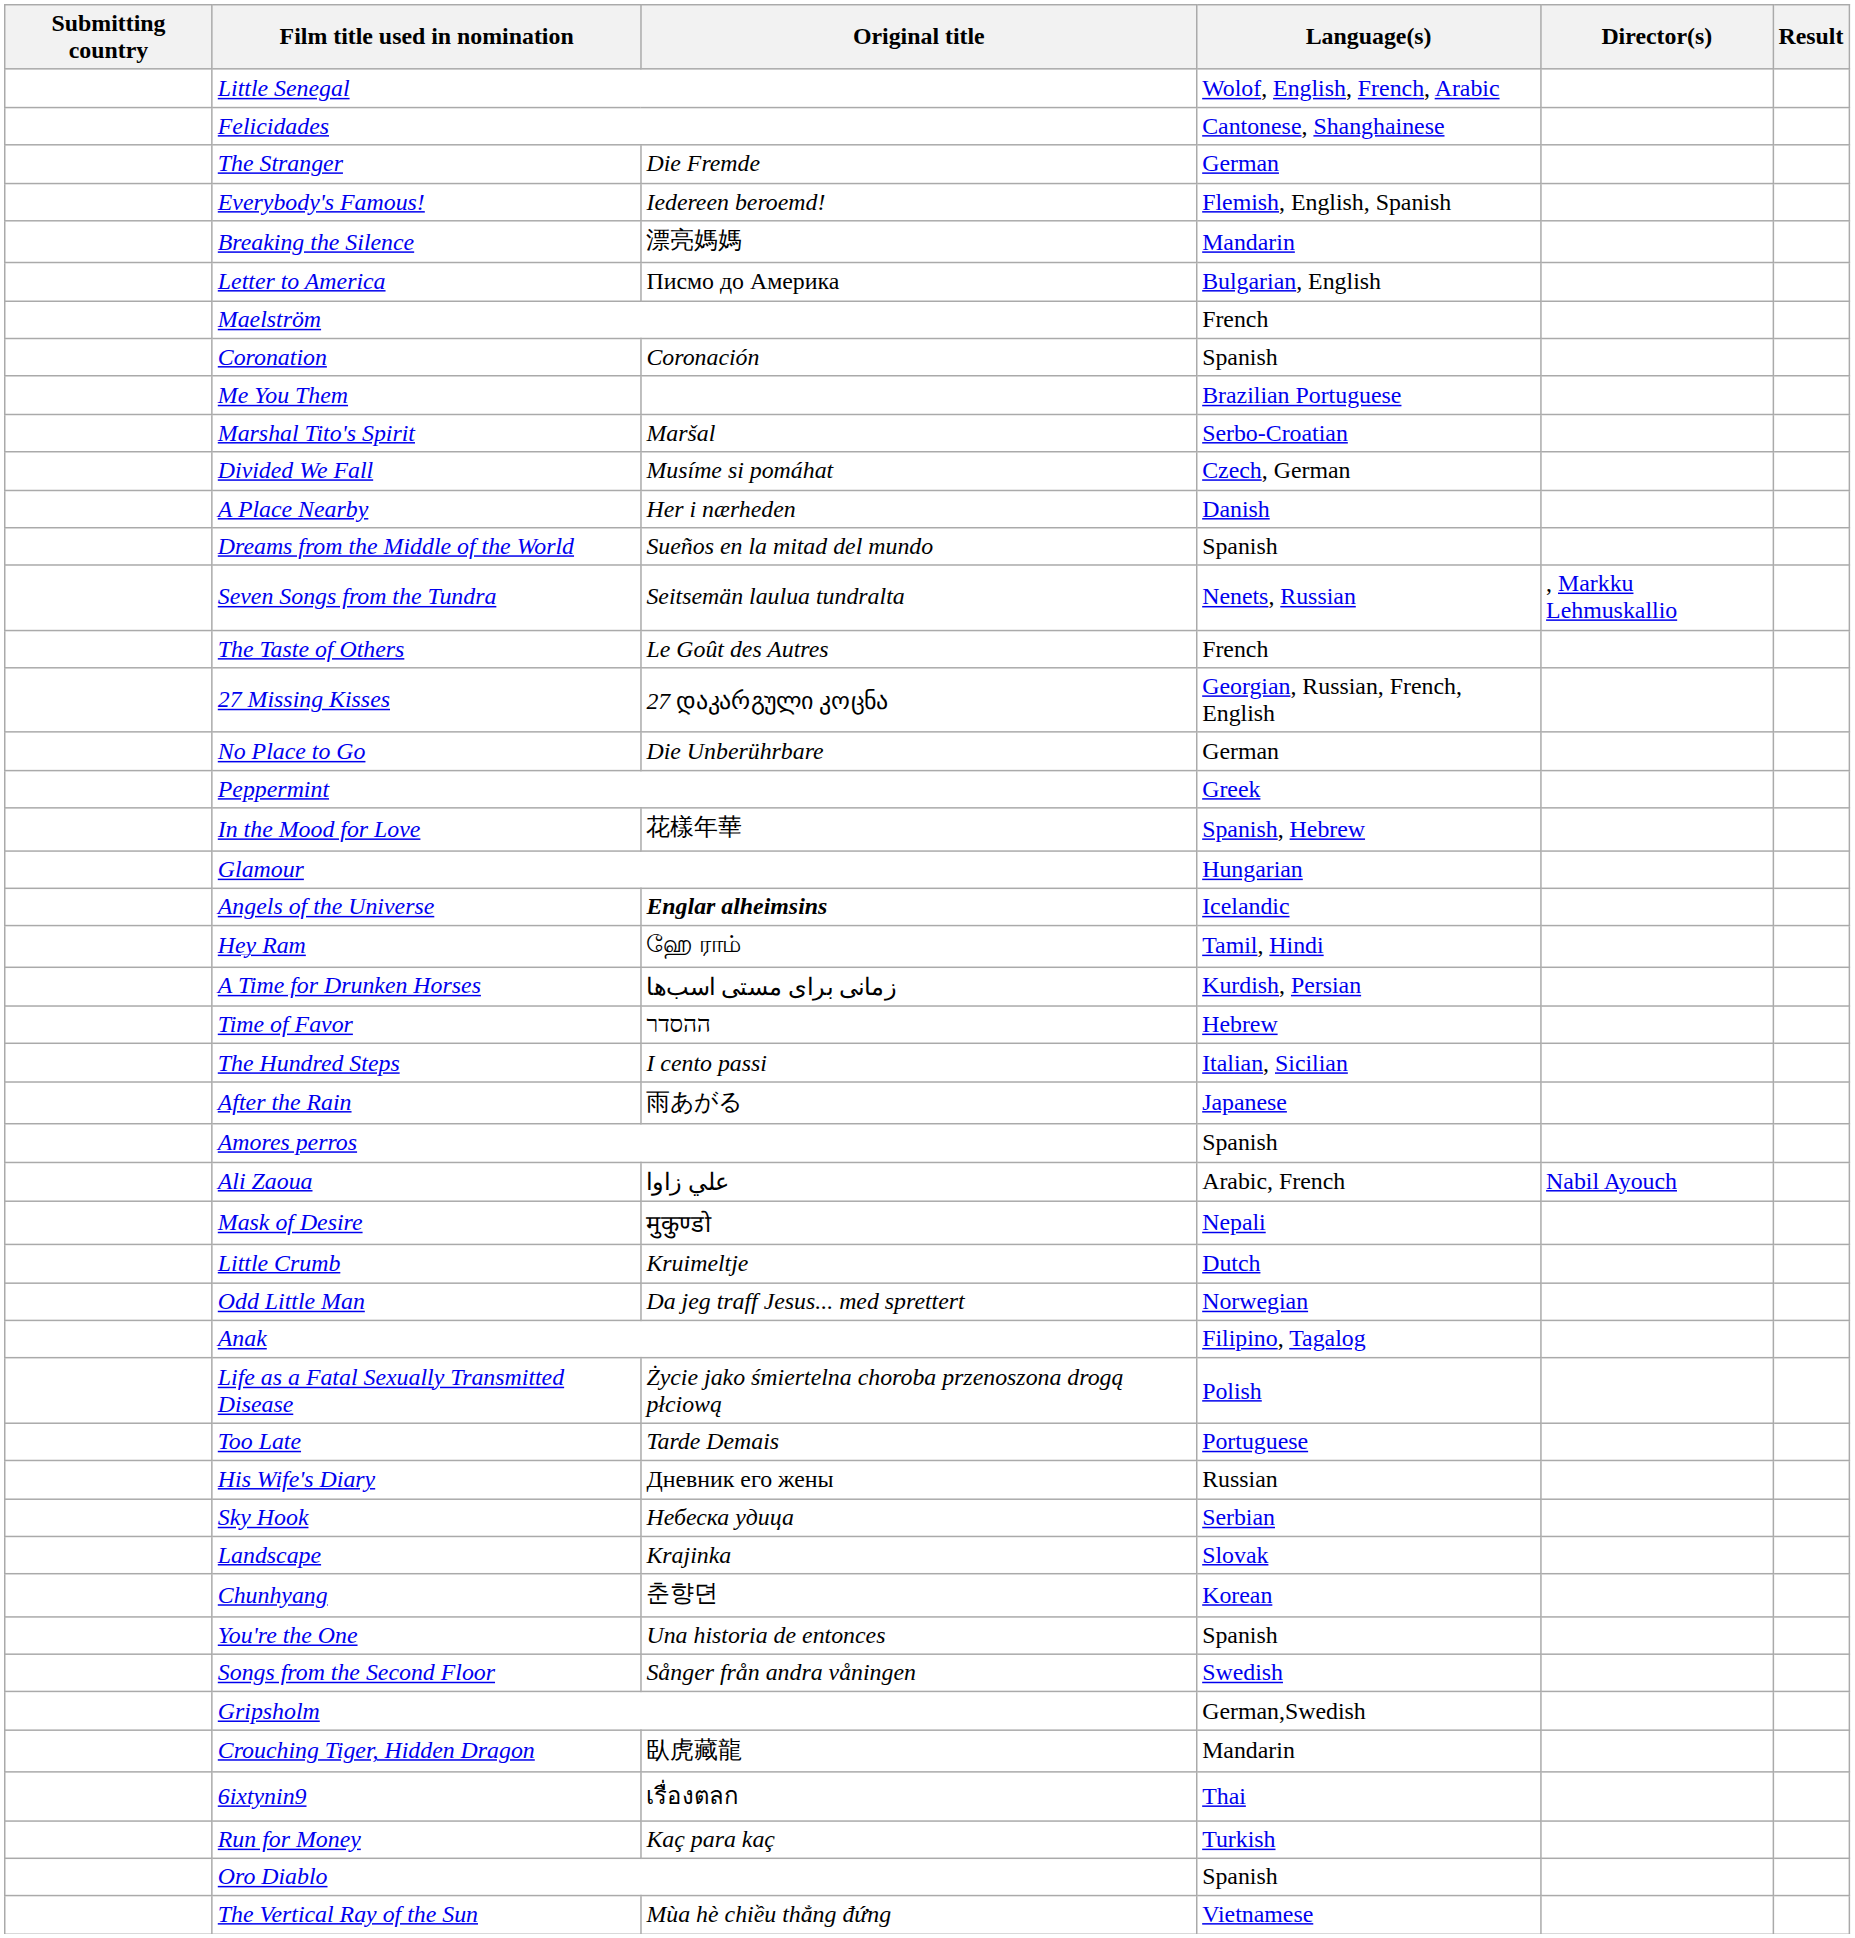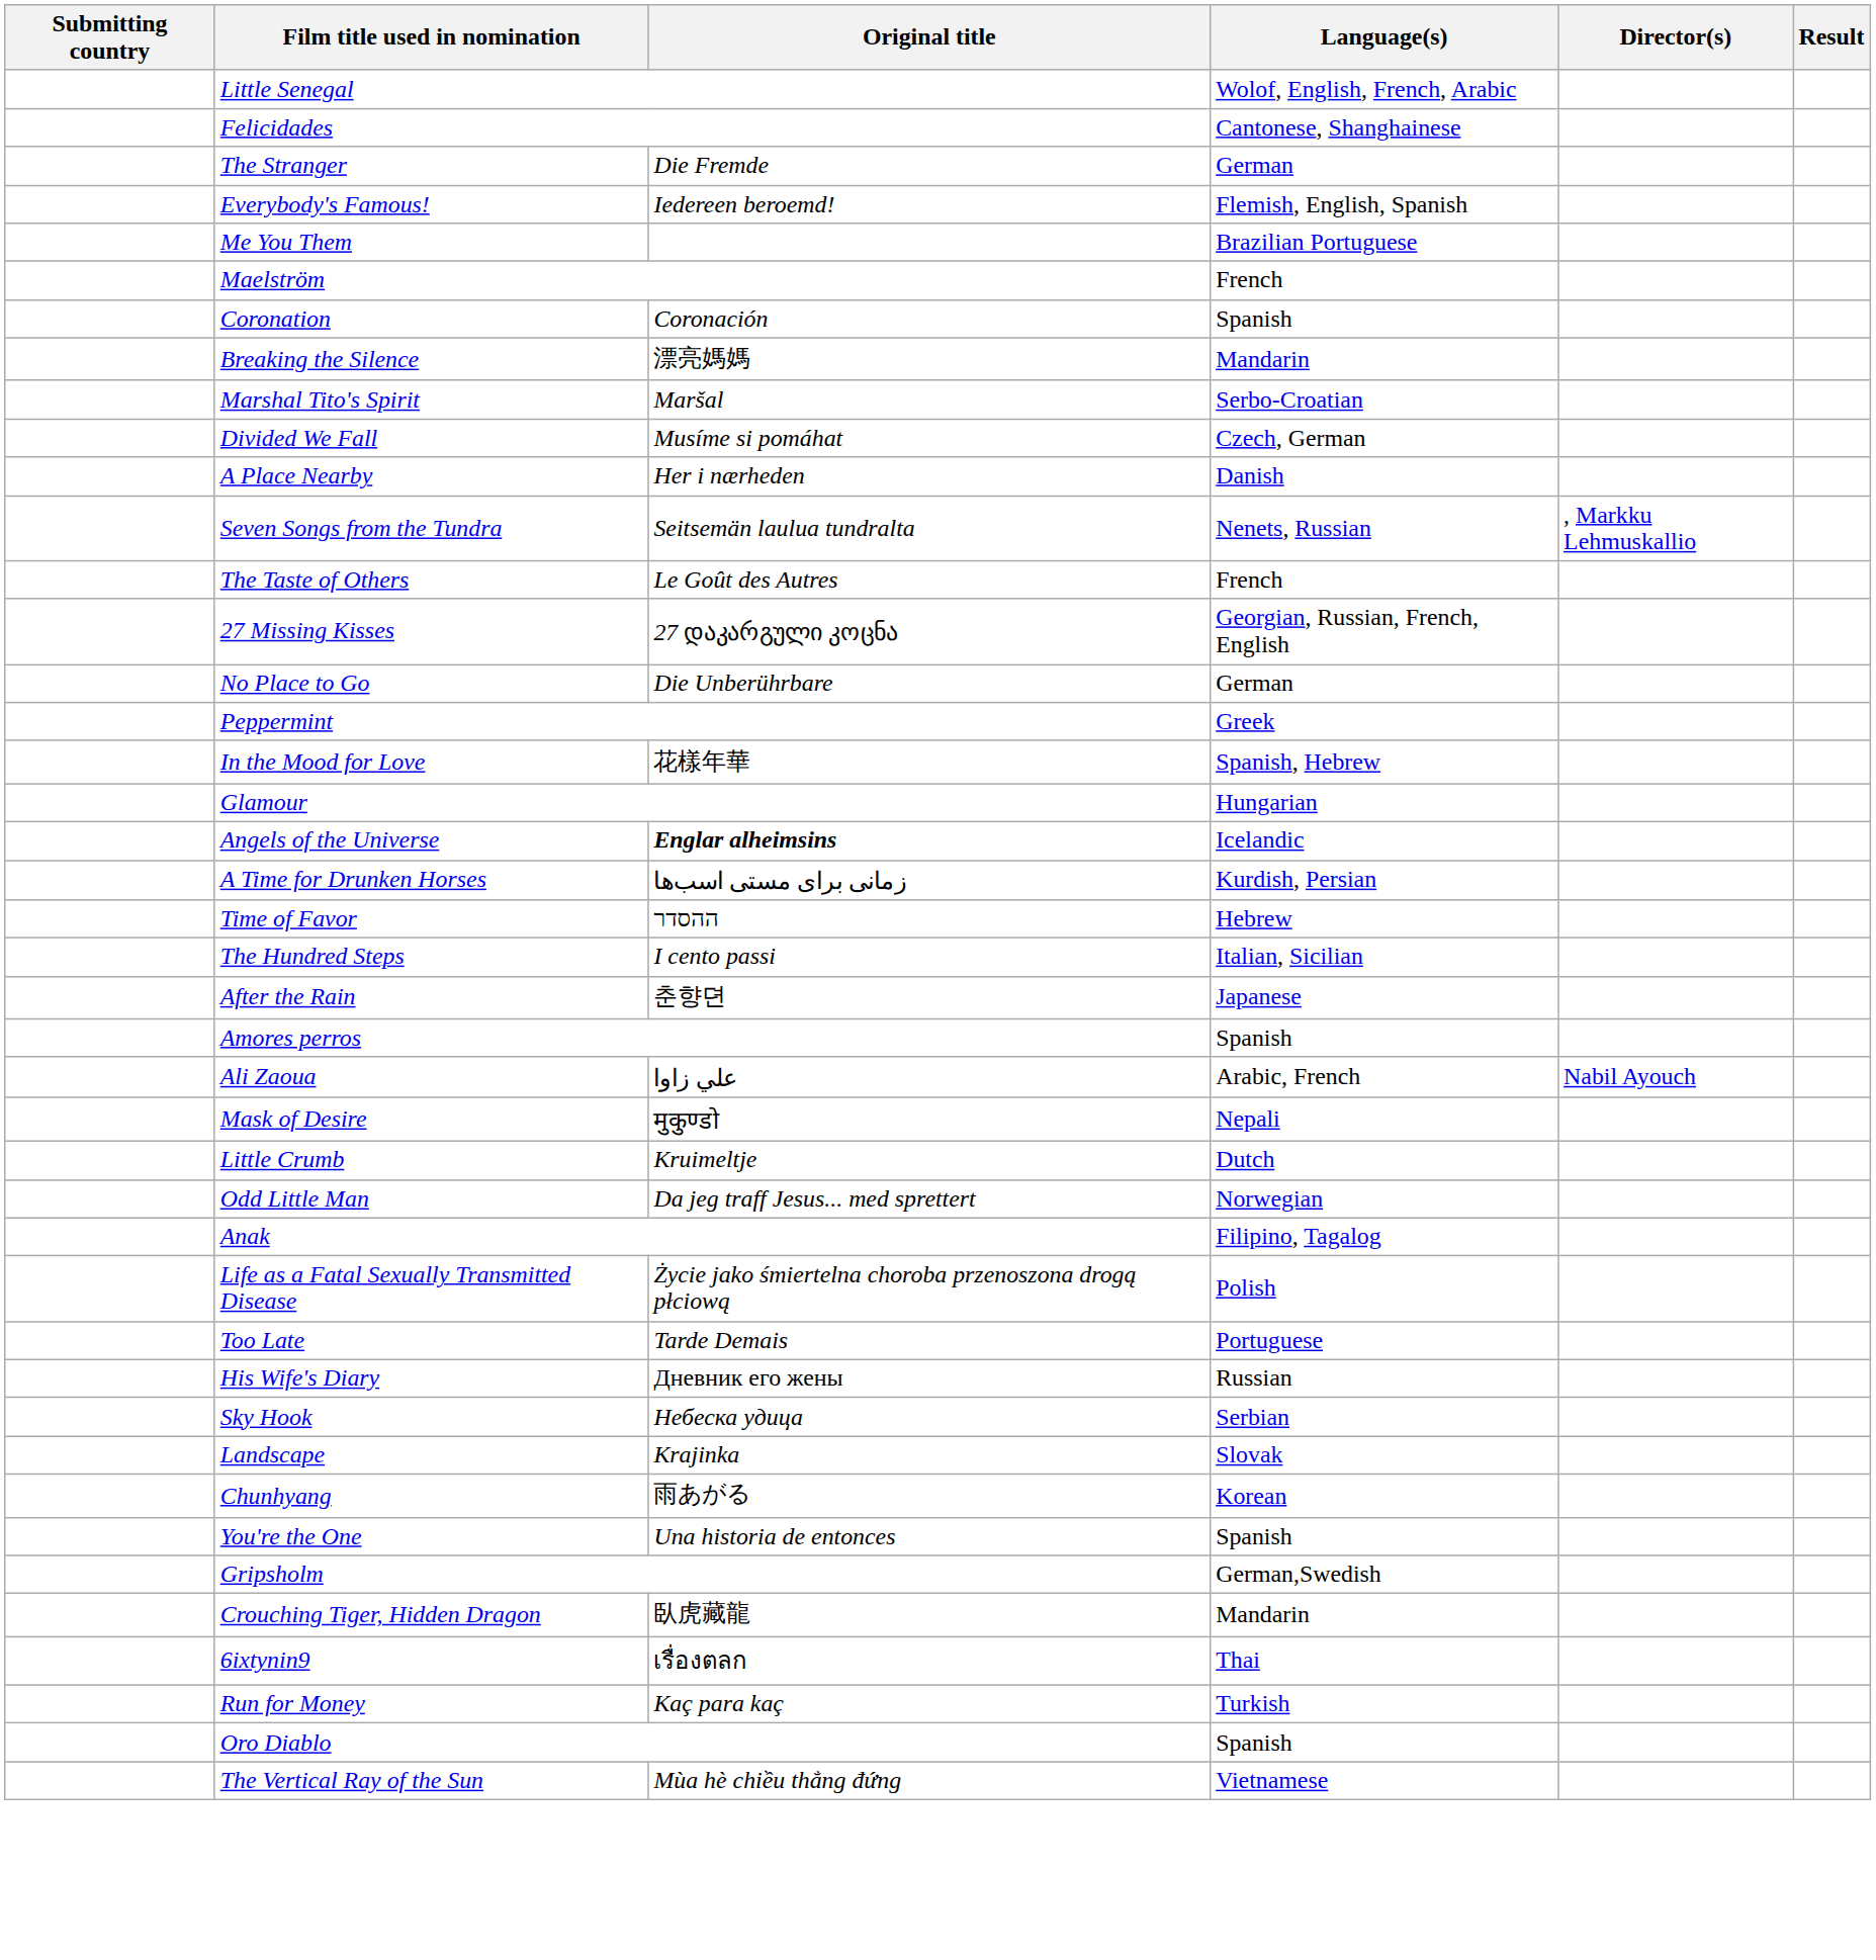 <table class="wikitable sortable" width="98%" style="background:#ffffff;">
 <tr>
 <th>Submitting country</th>
 <th>Film title used in nomination</th>
 <th>Original title</th>
 <th>Language(s)</th>
 <th>Director(s)</th>
 <th>Result</th>
 </tr>
 <tr>
 <td></td>
 <td colspan="2"><em><a href='#'>Little Senegal</a></em></td>
 <td><a href='#'>Wolof</a>, <a href='#'>English</a>, <a href='#'>French</a>, <a href='#'>Arabic</a></td>
 <td></td>
 <td></td>
 </tr>
 <tr>
 <td></td>
 <td colspan="2"><em><a href='#'>Felicidades</a></em></td>
 <td><a href='#'>Cantonese</a>, <a href='#'>Shanghainese</a></td>
 <td></td>
 <td></td>
 </tr>
 <tr>
 <td></td>
 <td><em><a href='#'>The Stranger</a></em></td>
 <td><em>Die Fremde</em></td>
 <td><a href='#'>German</a></td>
 <td></td>
 <td></td>
 </tr>
 <tr>
 <td></td>
 <td><em><a href='#'>Everybody's Famous!</a></em></td>
 <td><em>Iedereen beroemd!</em></td>
 <td><a href='#'>Flemish</a>, English, Spanish</td>
 <td></td>
 <td></td>
 </tr>
 <tr>
 <td></td>
-<td><em><a href='#'>Breaking the Silence</a></em></td>
-<td>漂亮媽媽</td>
-<td><a href='#'>Mandarin</a></td>
-<td></td>
-<td></td>
-</tr>
-<tr>
-<td></td>
-<td><em><a href='#'>Letter to America</a></em></td>
-<td>Писмо до Америка</td>
-<td><a href='#'>Bulgarian</a>, English</td>
+<td><em><a href='#'>Me You Them</a></em></td>
+<td><em></em></td>
+<td><a href='#'>Brazilian Portuguese</a></td>
 <td></td>
 <td></td>
 </tr>
 <tr>
 <td></td>
 <td colspan="2"><em><a href='#'>Maelström</a></em></td>
 <td>French</td>
 <td></td>
 <td></td>
 </tr>
 <tr>
 <td></td>
 <td><em><a href='#'>Coronation</a></em></td>
 <td><em>Coronación</em></td>
 <td>Spanish</td>
 <td></td>
 <td></td>
 </tr>
 <tr>
 <td></td>
-<td><em><a href='#'>Me You Them</a></em></td>
-<td><em></em></td>
-<td><a href='#'>Brazilian Portuguese</a></td>
+<td><em><a href='#'>Breaking the Silence</a></em></td>
+<td>漂亮媽媽</td>
+<td><a href='#'>Mandarin</a></td>
 <td></td>
 <td></td>
 </tr>
 <tr>
 <td></td>
 <td><em><a href='#'>Marshal Tito's Spirit</a></em></td>
 <td><em>Maršal</em></td>
 <td><a href='#'>Serbo-Croatian</a></td>
 <td></td>
 <td></td>
 </tr>
 <tr>
 <td></td>
 <td><em><a href='#'>Divided We Fall</a></em></td>
 <td><em>Musíme si pomáhat</em></td>
 <td><a href='#'>Czech</a>, German</td>
 <td></td>
 <td></td>
 </tr>
 <tr>
 <td></td>
 <td><em><a href='#'>A Place Nearby</a></em></td>
 <td><em>Her i nærheden</em></td>
 <td><a href='#'>Danish</a></td>
-<td></td>
-<td></td>
-</tr>
-<tr>
-<td></td>
-<td><em><a href='#'>Dreams from the Middle of the World</a></em></td>
-<td><em>Sueños en la mitad del mundo</em></td>
-<td>Spanish</td>
 <td></td>
 <td></td>
 </tr>
 <tr>
 <td></td>
 <td><em><a href='#'>Seven Songs from the Tundra</a></em></td>
 <td><em>Seitsemän laulua tundralta</em></td>
 <td><a href='#'>Nenets</a>, <a href='#'>Russian</a></td>
 <td>, <a href='#'>Markku Lehmuskallio</a></td>
 <td></td>
 </tr>
 <tr>
 <td></td>
 <td><em><a href='#'>The Taste of Others</a></em></td>
 <td><em>Le Goût des Autres</em></td>
 <td>French</td>
 <td></td>
 <td></td>
 </tr>
 <tr>
 <td></td>
 <td><em><a href='#'>27 Missing Kisses</a></em></td>
 <td><em>27</em> დაკარგული კოცნა</td>
 <td><a href='#'>Georgian</a>, Russian, French, English</td>
 <td></td>
 <td></td>
 </tr>
 <tr>
 <td></td>
 <td><em><a href='#'>No Place to Go</a></em></td>
 <td><em>Die Unberührbare</em></td>
 <td>German</td>
 <td></td>
 <td></td>
 </tr>
 <tr>
 <td></td>
 <td colspan="2"><em><a href='#'>Peppermint</a></em></td>
 <td><a href='#'>Greek</a></td>
 <td></td>
 <td></td>
 </tr>
 <tr>
 <td></td>
 <td><em><a href='#'>In the Mood for Love</a></em></td>
 <td>花樣年華</td>
 <td><a href='#'>Spanish</a>, <a href='#'>Hebrew</a></td>
 <td></td>
 <td></td>
 </tr>
 <tr>
 <td></td>
 <td colspan="2"><em><a href='#'>Glamour</a></em></td>
 <td><a href='#'>Hungarian</a></td>
 <td></td>
 <td></td>
 </tr>
 <tr>
 <td></td>
 <td><em><a href='#'>Angels of the Universe</a></em></td>
 <td><strong><em>Englar alheimsins</em></strong></td>
 <td><a href='#'>Icelandic</a></td>
 <td></td>
 <td></td>
 </tr>
 <tr>
 <td></td>
-<td><em><a href='#'>Hey Ram</a></em></td>
-<td>ஹே ராம்</td>
-<td><a href='#'>Tamil</a>, <a href='#'>Hindi</a></td>
-<td></td>
-<td></td>
-</tr>
-<tr>
-<td></td>
 <td><em><a href='#'>A Time for Drunken Horses</a></em></td>
 <td>زمانی برای مستی اسب‌ها</td>
 <td><a href='#'>Kurdish</a>, <a href='#'>Persian</a></td>
 <td></td>
 <td></td>
 </tr>
 <tr>
 <td></td>
 <td><em><a href='#'>Time of Favor</a></em></td>
 <td>ההסדר</td>
 <td><a href='#'>Hebrew</a></td>
 <td></td>
 <td></td>
 </tr>
 <tr>
 <td></td>
 <td><em><a href='#'>The Hundred Steps</a></em></td>
 <td><em>I cento passi</em></td>
 <td><a href='#'>Italian</a>, <a href='#'>Sicilian</a></td>
 <td></td>
 <td></td>
 </tr>
 <tr>
 <td></td>
 <td><em><a href='#'>After the Rain</a></em></td>
-<td>雨あがる</td>
+<td>춘향뎐</td>
 <td><a href='#'>Japanese</a></td>
 <td></td>
 <td></td>
 </tr>
 <tr>
 <td></td>
 <td colspan="2"><em><a href='#'>Amores perros</a></em></td>
 <td>Spanish</td>
 <td></td>
 <td></td>
 </tr>
 <tr>
 <td></td>
 <td><em><a href='#'>Ali Zaoua</a></em></td>
 <td>علي زاوا</td>
 <td>Arabic, French</td>
 <td><a href='#'>Nabil Ayouch</a></td>
 <td></td>
 </tr>
 <tr>
 <td></td>
 <td><em><a href='#'>Mask of Desire</a></em></td>
 <td>मुकुण्डो</td>
 <td><a href='#'>Nepali</a></td>
 <td></td>
 <td></td>
 </tr>
 <tr>
 <td></td>
 <td><em><a href='#'>Little Crumb</a></em></td>
 <td><em>Kruimeltje</em></td>
 <td><a href='#'>Dutch</a></td>
 <td></td>
 <td></td>
 </tr>
 <tr>
 <td></td>
 <td><em><a href='#'>Odd Little Man</a></em></td>
 <td><em>Da jeg traff Jesus... med sprettert</em></td>
 <td><a href='#'>Norwegian</a></td>
 <td></td>
 <td></td>
 </tr>
 <tr>
 <td></td>
 <td colspan="2"><em><a href='#'>Anak</a></em></td>
 <td><a href='#'>Filipino</a>, <a href='#'>Tagalog</a></td>
 <td></td>
 <td></td>
 </tr>
 <tr>
 <td></td>
 <td><em><a href='#'>Life as a Fatal Sexually Transmitted Disease</a></em></td>
 <td><em>Życie jako śmiertelna choroba przenoszona drogą płciową</em></td>
 <td><a href='#'>Polish</a></td>
 <td></td>
 <td></td>
 </tr>
 <tr>
 <td></td>
 <td><em><a href='#'>Too Late</a></em></td>
 <td><em>Tarde Demais</em></td>
 <td><a href='#'>Portuguese</a></td>
 <td></td>
 <td></td>
 </tr>
 <tr>
 <td></td>
 <td><em><a href='#'>His Wife's Diary</a></em></td>
 <td>Дневник его жены</td>
 <td>Russian</td>
 <td></td>
 <td></td>
 </tr>
 <tr>
 <td></td>
 <td><em><a href='#'>Sky Hook</a></em></td>
 <td><em>Небеска удица</em></td>
 <td><a href='#'>Serbian</a></td>
 <td></td>
 <td></td>
 </tr>
 <tr>
 <td></td>
 <td><em><a href='#'>Landscape</a></em></td>
 <td><em>Krajinka</em></td>
 <td><a href='#'>Slovak</a></td>
 <td></td>
 <td></td>
 </tr>
 <tr>
 <td></td>
 <td><em><a href='#'>Chunhyang</a></em></td>
-<td>춘향뎐</td>
+<td>雨あがる</td>
 <td><a href='#'>Korean</a></td>
 <td></td>
 <td></td>
 </tr>
 <tr>
 <td></td>
 <td><em><a href='#'>You're the One</a></em></td>
 <td><em>Una historia de entonces</em></td>
 <td>Spanish</td>
-<td></td>
-<td></td>
-</tr>
-<tr>
-<td></td>
-<td><em><a href='#'>Songs from the Second Floor</a></em></td>
-<td><em>Sånger från andra våningen</em></td>
-<td><a href='#'>Swedish</a></td>
 <td></td>
 <td></td>
 </tr>
 <tr>
 <td></td>
 <td colspan="2"><em><a href='#'>Gripsholm</a></em></td>
 <td>German,Swedish</td>
 <td></td>
 <td></td>
 </tr>
 <tr>
 <td></td>
 <td><em><a href='#'>Crouching Tiger, Hidden Dragon</a></em></td>
 <td>臥虎藏龍</td>
 <td>Mandarin</td>
 <td></td>
 <td></td>
 </tr>
 <tr>
 <td></td>
 <td><em><a href='#'>6ixtynin9</a></em></td>
 <td>เรื่องตลก</td>
 <td><a href='#'>Thai</a></td>
 <td></td>
 <td></td>
 </tr>
 <tr>
 <td></td>
 <td><em><a href='#'>Run for Money</a></em></td>
 <td><em>Kaç para kaç</em></td>
 <td><a href='#'>Turkish</a></td>
 <td></td>
 <td></td>
 </tr>
 <tr>
 <td></td>
 <td colspan="2"><em><a href='#'>Oro Diablo</a></em></td>
 <td>Spanish</td>
 <td></td>
 <td></td>
 </tr>
 <tr>
 <td></td>
 <td><em><a href='#'>The Vertical Ray of the Sun</a></em></td>
 <td><em>Mùa hè chiều thẳng đứng</em></td>
 <td><a href='#'>Vietnamese</a></td>
 <td></td>
 <td></td>
 </tr>
 </table>
